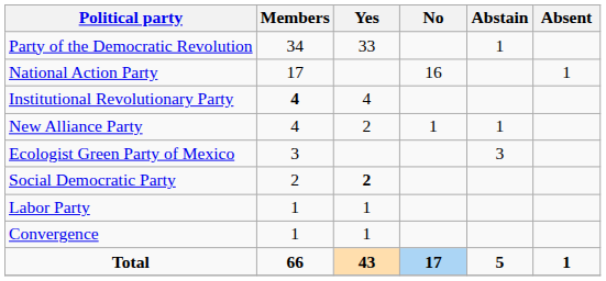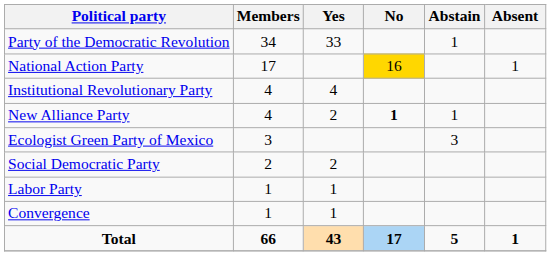 <table class="wikitable">
 <tr>
 <th><a href='#'>Political party</a></th>
 <th width="55pt">Members</th>
 <th width="55pt">Yes</th>
 <th width="55pt">No</th>
 <th width="55pt">Abstain</th>
 <th width="55pt">Absent</th>
 </tr>
 <tr>
 <td align="left"> <a href='#'>Party of the Democratic Revolution</a></td>
 <td align="center">34</td>
 <td align="center">33</td>
 <td align="center"></td>
 <td align="center">1</td>
 <td align="center"></td>
 </tr>
 <tr>
 <td align="left"> <a href='#'>National Action Party</a></td>
 <td align="center">17</td>
 <td align="center"></td>
-<td align="center">16</td>
+<td align="center" style="background: gold;">16</td>
 <td align="center"></td>
 <td align="center">1</td>
 </tr>
 <tr>
 <td align="left"> <a href='#'>Institutional Revolutionary Party</a></td>
-<td align="center"><strong>4</strong></td>
+<td align="center">4</td>
 <td align="center">4</td>
 <td align="center"></td>
 <td align="center"></td>
 <td align="center"></td>
 </tr>
 <tr>
 <td align="left"> <a href='#'>New Alliance Party</a></td>
 <td align="center">4</td>
 <td align="center">2</td>
-<td align="center">1</td>
+<td align="center"><strong>1</strong></td>
 <td align="center">1</td>
 <td align="center"></td>
 </tr>
 <tr>
 <td align="left"> <a href='#'>Ecologist Green Party of Mexico</a></td>
 <td align="center">3</td>
 <td align="center"></td>
 <td align="center"></td>
 <td align="center">3</td>
 <td align="center"></td>
 </tr>
 <tr>
 <td align="left"> <a href='#'>Social Democratic Party</a></td>
 <td align="center">2</td>
-<td align="center"><strong>2</strong></td>
+<td align="center">2</td>
 <td align="center"></td>
 <td align="center"></td>
 <td align="center"></td>
 </tr>
 <tr>
 <td align="left"> <a href='#'>Labor Party</a></td>
 <td align="center">1</td>
 <td align="center">1</td>
 <td align="center"></td>
 <td align="center"></td>
 <td align="center"></td>
 </tr>
 <tr>
 <td align="left"> <a href='#'>Convergence</a></td>
 <td align="center">1</td>
 <td align="center">1</td>
 <td align="center"></td>
 <td align="center"></td>
 <td align="center"></td>
 </tr>
 <tr>
 <td align="center"><strong>Total</strong></td>
 <td align="center"><strong>66</strong></td>
 <td align="center" bgcolor="#FFDEAD"><strong>43</strong></td>
 <td align="center" bgcolor="#abd5f5"><strong>17</strong></td>
 <td align="center"><strong>5</strong></td>
 <td align="center"><strong>1</strong></td>
 </tr>
 <tr>
 </tr>
 </table>
